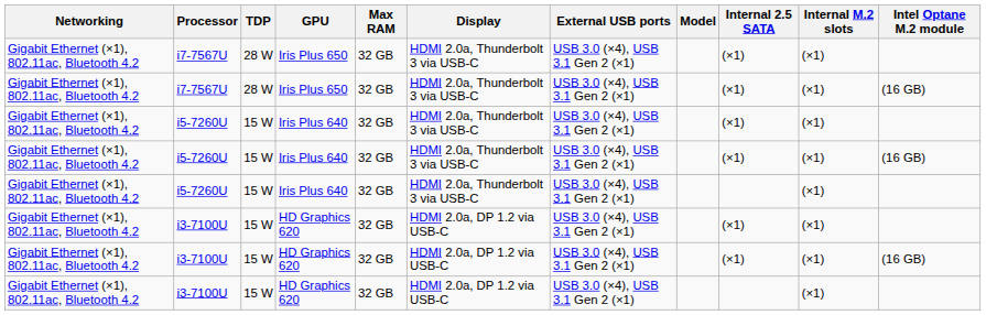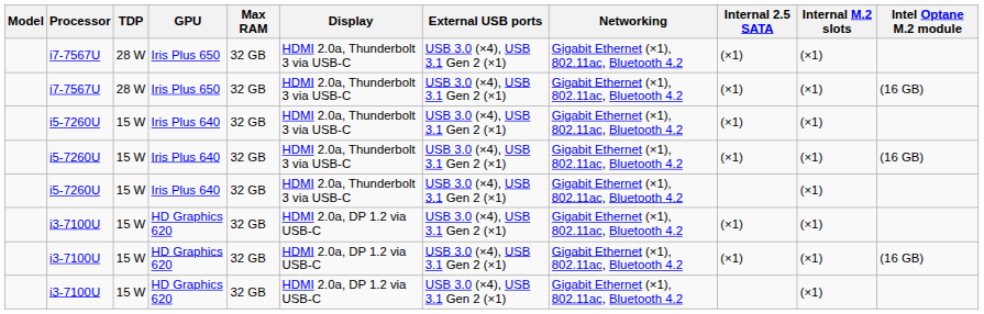 <table class="wikitable">
 <tr>
-<th>Networking</th>
+<th>Model</th>
 <th>Processor</th>
 <th>TDP</th>
 <th>GPU</th>
 <th>Max RAM</th>
 <th>Display</th>
 <th>External USB ports</th>
-<th>Model</th>
+<th>Networking</th>
 <th>Internal 2.5 <a href='#'>SATA</a></th>
 <th>Internal <a href='#'>M.2</a> slots</th>
 <th>Intel <a href='#'>Optane</a> M.2 module</th>
 </tr>
 <tr>
-<td><a href='#'>Gigabit Ethernet</a> (×1), <a href='#'>802.11ac</a>, <a href='#'>Bluetooth 4.2</a></td>
+<td></td>
 <td><a href='#'>i7-7567U</a></td>
 <td>28 W</td>
 <td><a href='#'>Iris Plus 650</a></td>
 <td>32 GB</td>
 <td><a href='#'>HDMI</a> 2.0a, Thunderbolt 3 via USB-C</td>
 <td><a href='#'>USB 3.0</a> (×4), <a href='#'>USB 3.1</a> Gen 2 (×1)</td>
-<td></td>
+<td><a href='#'>Gigabit Ethernet</a> (×1), <a href='#'>802.11ac</a>, <a href='#'>Bluetooth 4.2</a></td>
 <td> (×1)</td>
 <td> (×1)</td>
 <td></td>
 </tr>
 <tr>
-<td><a href='#'>Gigabit Ethernet</a> (×1), <a href='#'>802.11ac</a>, <a href='#'>Bluetooth 4.2</a></td>
+<td></td>
 <td><a href='#'>i7-7567U</a></td>
 <td>28 W</td>
 <td><a href='#'>Iris Plus 650</a></td>
 <td>32 GB</td>
 <td><a href='#'>HDMI</a> 2.0a, Thunderbolt 3 via USB-C</td>
 <td><a href='#'>USB 3.0</a> (×4), <a href='#'>USB 3.1</a> Gen 2 (×1)</td>
-<td></td>
+<td><a href='#'>Gigabit Ethernet</a> (×1), <a href='#'>802.11ac</a>, <a href='#'>Bluetooth 4.2</a></td>
 <td> (×1)</td>
 <td> (×1)</td>
 <td> (16 GB)</td>
 </tr>
 <tr>
-<td><a href='#'>Gigabit Ethernet</a> (×1), <a href='#'>802.11ac</a>, <a href='#'>Bluetooth 4.2</a></td>
+<td></td>
 <td><a href='#'>i5-7260U</a></td>
 <td>15 W</td>
 <td><a href='#'>Iris Plus 640</a></td>
 <td>32 GB</td>
 <td><a href='#'>HDMI</a> 2.0a, Thunderbolt 3 via USB-C</td>
 <td><a href='#'>USB 3.0</a> (×4), <a href='#'>USB 3.1</a> Gen 2 (×1)</td>
-<td></td>
+<td><a href='#'>Gigabit Ethernet</a> (×1), <a href='#'>802.11ac</a>, <a href='#'>Bluetooth 4.2</a></td>
 <td> (×1)</td>
 <td> (×1)</td>
 <td></td>
 </tr>
 <tr>
-<td><a href='#'>Gigabit Ethernet</a> (×1), <a href='#'>802.11ac</a>, <a href='#'>Bluetooth 4.2</a></td>
+<td></td>
 <td><a href='#'>i5-7260U</a></td>
 <td>15 W</td>
 <td><a href='#'>Iris Plus 640</a></td>
 <td>32 GB</td>
 <td><a href='#'>HDMI</a> 2.0a, Thunderbolt 3 via USB-C</td>
 <td><a href='#'>USB 3.0</a> (×4), <a href='#'>USB 3.1</a> Gen 2 (×1)</td>
-<td></td>
+<td><a href='#'>Gigabit Ethernet</a> (×1), <a href='#'>802.11ac</a>, <a href='#'>Bluetooth 4.2</a></td>
 <td> (×1)</td>
 <td> (×1)</td>
 <td> (16 GB)</td>
 </tr>
 <tr>
-<td><a href='#'>Gigabit Ethernet</a> (×1), <a href='#'>802.11ac</a>, <a href='#'>Bluetooth 4.2</a></td>
+<td></td>
 <td><a href='#'>i5-7260U</a></td>
 <td>15 W</td>
 <td><a href='#'>Iris Plus 640</a></td>
 <td>32 GB</td>
 <td><a href='#'>HDMI</a> 2.0a, Thunderbolt 3 via USB-C</td>
 <td><a href='#'>USB 3.0</a> (×4), <a href='#'>USB 3.1</a> Gen 2 (×1)</td>
-<td></td>
+<td><a href='#'>Gigabit Ethernet</a> (×1), <a href='#'>802.11ac</a>, <a href='#'>Bluetooth 4.2</a></td>
 <td></td>
 <td> (×1)</td>
 <td></td>
 </tr>
 <tr>
-<td><a href='#'>Gigabit Ethernet</a> (×1), <a href='#'>802.11ac</a>, <a href='#'>Bluetooth 4.2</a></td>
+<td></td>
 <td><a href='#'>i3-7100U</a></td>
 <td>15 W</td>
 <td><a href='#'>HD Graphics 620</a></td>
 <td>32 GB</td>
 <td><a href='#'>HDMI</a> 2.0a, DP 1.2 via USB-C</td>
 <td><a href='#'>USB 3.0</a> (×4), <a href='#'>USB 3.1</a> Gen 2 (×1)</td>
-<td></td>
+<td><a href='#'>Gigabit Ethernet</a> (×1), <a href='#'>802.11ac</a>, <a href='#'>Bluetooth 4.2</a></td>
 <td> (×1)</td>
 <td> (×1)</td>
 <td></td>
 </tr>
 <tr>
-<td><a href='#'>Gigabit Ethernet</a> (×1), <a href='#'>802.11ac</a>, <a href='#'>Bluetooth 4.2</a></td>
+<td></td>
 <td><a href='#'>i3-7100U</a></td>
 <td>15 W</td>
 <td><a href='#'>HD Graphics 620</a></td>
 <td>32 GB</td>
 <td><a href='#'>HDMI</a> 2.0a, DP 1.2 via USB-C</td>
 <td><a href='#'>USB 3.0</a> (×4), <a href='#'>USB 3.1</a> Gen 2 (×1)</td>
-<td></td>
+<td><a href='#'>Gigabit Ethernet</a> (×1), <a href='#'>802.11ac</a>, <a href='#'>Bluetooth 4.2</a></td>
 <td> (×1)</td>
 <td> (×1)</td>
 <td> (16 GB)</td>
 </tr>
 <tr>
-<td><a href='#'>Gigabit Ethernet</a> (×1), <a href='#'>802.11ac</a>, <a href='#'>Bluetooth 4.2</a></td>
+<td></td>
 <td><a href='#'>i3-7100U</a></td>
 <td>15 W</td>
 <td><a href='#'>HD Graphics 620</a></td>
 <td>32 GB</td>
 <td><a href='#'>HDMI</a> 2.0a, DP 1.2 via USB-C</td>
 <td><a href='#'>USB 3.0</a> (×4), <a href='#'>USB 3.1</a> Gen 2 (×1)</td>
-<td></td>
+<td><a href='#'>Gigabit Ethernet</a> (×1), <a href='#'>802.11ac</a>, <a href='#'>Bluetooth 4.2</a></td>
 <td></td>
 <td> (×1)</td>
 <td></td>
 </tr>
 </table>
